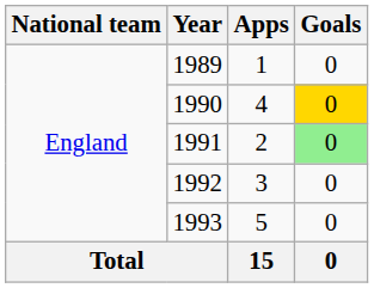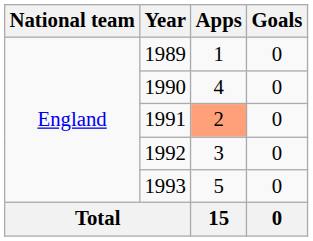 <table class="wikitable" style="text-align:center">
 <tr>
 <th>National team</th>
 <th>Year</th>
 <th>Apps</th>
 <th>Goals</th>
 </tr>
 <tr>
 <td rowspan="5"><a href='#'>England</a></td>
 <td>1989</td>
 <td>1</td>
 <td>0</td>
 </tr>
 <tr>
 <td>1990</td>
 <td>4</td>
-<td style="background: gold;">0</td>
+<td>0</td>
 </tr>
 <tr>
 <td>1991</td>
-<td>2</td>
-<td style="background: lightgreen;">0</td>
+<td style="background: lightsalmon;">2</td>
+<td>0</td>
 </tr>
 <tr>
 <td>1992</td>
 <td>3</td>
 <td>0</td>
 </tr>
 <tr>
 <td>1993</td>
 <td>5</td>
 <td>0</td>
 </tr>
 <tr>
 <th colspan="2">Total</th>
 <th>15</th>
 <th>0</th>
 </tr>
 </table>
